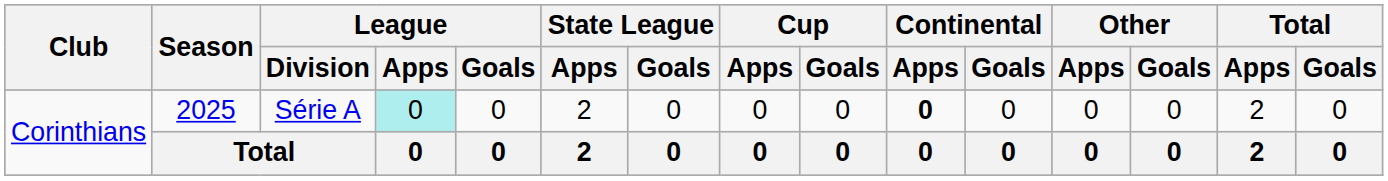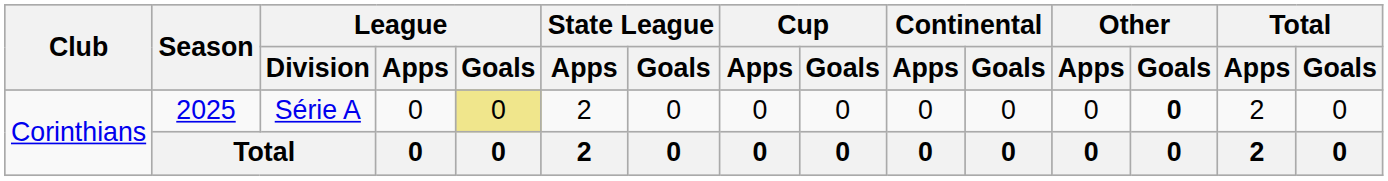 <table class="wikitable" style="text-align: center;">
 <tr>
 <th rowspan="2">Club</th>
 <th rowspan="2">Season</th>
 <th colspan="3">League</th>
 <th colspan="2">State League</th>
 <th colspan="2">Cup</th>
 <th colspan="2">Continental</th>
 <th colspan="2">Other</th>
 <th colspan="2">Total</th>
 </tr>
 <tr>
 <th>Division</th>
 <th>Apps</th>
 <th>Goals</th>
 <th>Apps</th>
 <th>Goals</th>
 <th>Apps</th>
 <th>Goals</th>
 <th>Apps</th>
 <th>Goals</th>
 <th>Apps</th>
 <th>Goals</th>
 <th>Apps</th>
 <th>Goals</th>
 </tr>
 <tr>
 <td rowspan="2" valign="center"><a href='#'>Corinthians</a></td>
 <td><a href='#'>2025</a></td>
 <td rowspan="1"><a href='#'>Série A</a></td>
-<td style="background: paleturquoise;">0</td>
 <td>0</td>
+<td style="background: khaki;">0</td>
 <td>2</td>
 <td>0</td>
 <td>0</td>
 <td>0</td>
-<td><strong>0</strong></td>
 <td>0</td>
 <td>0</td>
 <td>0</td>
+<td><strong>0</strong></td>
 <td>2</td>
 <td>0</td>
 </tr>
 <tr>
 <th colspan="2"><strong>Total</strong></th>
 <th>0</th>
 <th>0</th>
 <th>2</th>
 <th>0</th>
 <th>0</th>
 <th>0</th>
 <th>0</th>
 <th>0</th>
 <th>0</th>
 <th>0</th>
 <th>2</th>
 <th>0</th>
 </tr>
 </table>
